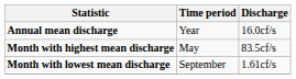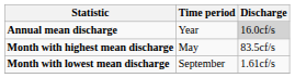 <table class="wikitable sortable">
 <tr>
 <th>Statistic</th>
 <th>Time period</th>
 <th>Discharge</th>
 </tr>
 <tr>
 <td><strong>Annual mean discharge</strong></td>
 <td>Year</td>
-<td>16.0cf/s</td>
+<td style="background: lightgrey;">16.0cf/s</td>
 </tr>
 <tr>
 <td><strong>Month with highest mean discharge</strong></td>
 <td>May</td>
 <td>83.5cf/s</td>
 </tr>
 <tr>
 <td><strong>Month with lowest mean discharge</strong></td>
 <td>September</td>
 <td>1.61cf/s</td>
 </tr>
 <tr>
 </tr>
 </table>
